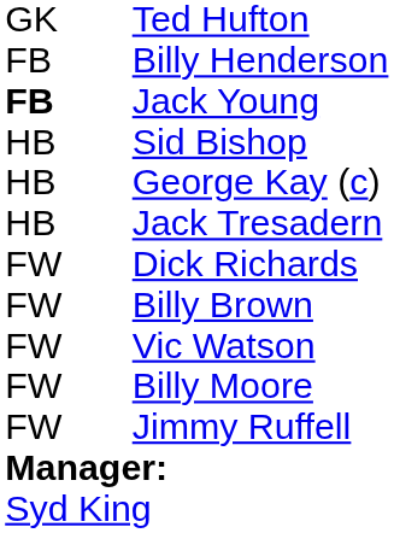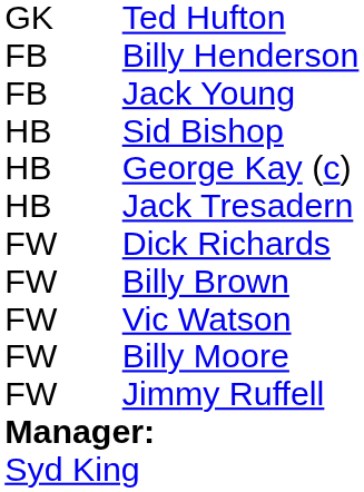 <table cellspacing="0" cellpadding="0" style="font-size:90%; margin:0.2em auto;">
 <tr>
 <th width="25"></th>
 <th width="25"></th>
 </tr>
 <tr>
 <td>GK</td>
 <td></td>
 <td> <a href='#'>Ted Hufton</a></td>
 </tr>
 <tr>
 <td>FB</td>
 <td></td>
 <td> <a href='#'>Billy Henderson</a></td>
 </tr>
 <tr>
-<td><strong>FB</strong></td>
+<td>FB</td>
 <td></td>
 <td> <a href='#'>Jack Young</a></td>
 </tr>
 <tr>
 <td>HB</td>
 <td></td>
 <td> <a href='#'>Sid Bishop</a></td>
 </tr>
 <tr>
 <td>HB</td>
 <td></td>
 <td> <a href='#'>George Kay</a> (<a href='#'>c</a>)</td>
 </tr>
 <tr>
 <td>HB</td>
 <td></td>
 <td> <a href='#'>Jack Tresadern</a></td>
 </tr>
 <tr>
 <td>FW</td>
 <td></td>
 <td> <a href='#'>Dick Richards</a></td>
 </tr>
 <tr>
 <td>FW</td>
 <td></td>
 <td> <a href='#'>Billy Brown</a></td>
 </tr>
 <tr>
 <td>FW</td>
 <td></td>
 <td> <a href='#'>Vic Watson</a></td>
 </tr>
 <tr>
 <td>FW</td>
 <td></td>
 <td> <a href='#'>Billy Moore</a></td>
 </tr>
 <tr>
 <td>FW</td>
 <td></td>
 <td> <a href='#'>Jimmy Ruffell</a></td>
 </tr>
 <tr>
 <td colspan=4><strong>Manager:</strong></td>
 </tr>
 <tr>
 <td colspan="4"> <a href='#'>Syd King</a></td>
 </tr>
 </table>
